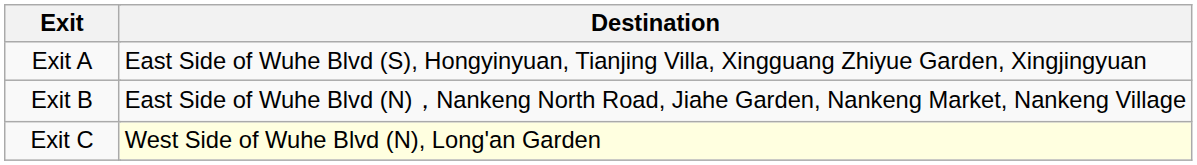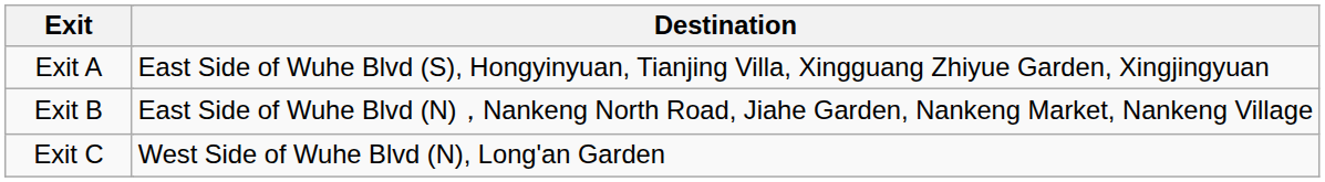 <table class="wikitable">
 <tr>
 <th style="width:70px" colspan="2">Exit</th>
 <th>Destination</th>
 </tr>
 <tr>
 <td align="center" colspan="2">Exit A</td>
 <td>East Side of Wuhe Blvd (S), Hongyinyuan, Tianjing Villa, Xingguang Zhiyue Garden, Xingjingyuan</td>
 </tr>
 <tr>
 <td align="center" colspan="2">Exit B</td>
 <td>East Side of Wuhe Blvd (N)，Nankeng North Road, Jiahe Garden, Nankeng Market, Nankeng Village</td>
 </tr>
 <tr>
 <td align="center" colspan="2">Exit C</td>
-<td style="background: lightyellow;">West Side of Wuhe Blvd (N), Long'an Garden</td>
+<td>West Side of Wuhe Blvd (N), Long'an Garden</td>
 </tr>
 </table>
